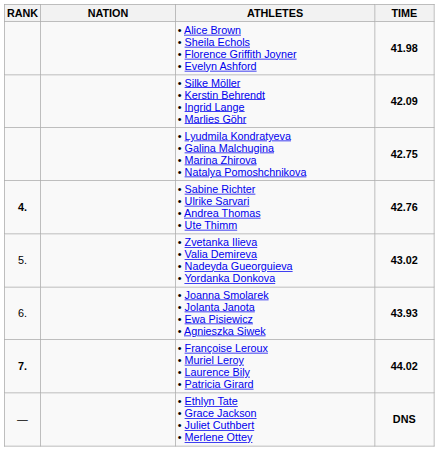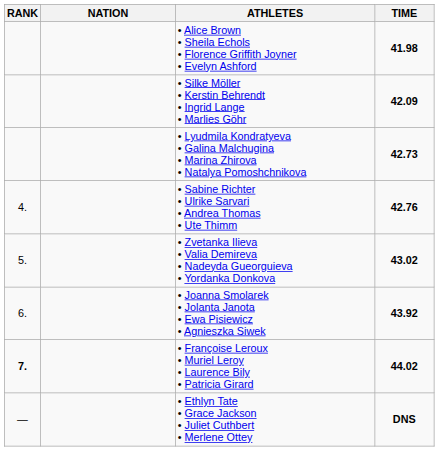 <table class="wikitable" style="border-collapse: collapse; font-size: 90%;">
 <tr>
 <th>RANK</th>
 <th style="width: 12em">NATION</th>
 <th style="width: 18em">ATHLETES</th>
 <th style="width: 5em">TIME</th>
 </tr>
 <tr>
 <td align="center"></td>
 <td align="center"></td>
 <td>• <a href='#'>Alice Brown</a><br>• <a href='#'>Sheila Echols</a><br>• <a href='#'>Florence Griffith Joyner</a><br>• <a href='#'>Evelyn Ashford</a></td>
 <td align="center"><strong>41.98</strong></td>
 </tr>
 <tr>
 <td align="center"></td>
 <td align="center"></td>
 <td>• <a href='#'>Silke Möller</a><br>• <a href='#'>Kerstin Behrendt</a><br>• <a href='#'>Ingrid Lange</a><br>• <a href='#'>Marlies Göhr</a></td>
 <td align="center"><strong>42.09</strong></td>
 </tr>
 <tr>
 <td align="center"></td>
 <td align="center"></td>
 <td>• <a href='#'>Lyudmila Kondratyeva</a><br>• <a href='#'>Galina Malchugina</a><br>• <a href='#'>Marina Zhirova</a><br>• <a href='#'>Natalya Pomoshchnikova</a></td>
-<td align="center"><strong>42.75</strong></td>
+<td align="center"><strong>42.73</strong></td>
 </tr>
 <tr>
-<td align="center"><strong>4.</strong></td>
+<td align="center">4.</td>
 <td align="center"></td>
 <td>• <a href='#'>Sabine Richter</a><br>• <a href='#'>Ulrike Sarvari</a><br>• <a href='#'>Andrea Thomas</a><br>• <a href='#'>Ute Thimm</a></td>
 <td align="center"><strong>42.76</strong></td>
 </tr>
 <tr>
 <td align="center">5.</td>
 <td align="center"></td>
 <td>• <a href='#'>Zvetanka Ilieva</a><br>• <a href='#'>Valia Demireva</a><br>• <a href='#'>Nadeyda Gueorguieva</a><br>• <a href='#'>Yordanka Donkova</a></td>
 <td align="center"><strong>43.02</strong></td>
 </tr>
 <tr>
 <td align="center">6.</td>
 <td align="center"></td>
 <td>• <a href='#'>Joanna Smolarek</a><br>• <a href='#'>Jolanta Janota</a><br>• <a href='#'>Ewa Pisiewicz</a><br>• <a href='#'>Agnieszka Siwek</a></td>
-<td align="center"><strong>43.93</strong></td>
+<td align="center"><strong>43.92</strong></td>
 </tr>
 <tr>
 <td align="center"><strong>7.</strong></td>
 <td align="center"></td>
 <td>• <a href='#'>Françoise Leroux</a><br>• <a href='#'>Muriel Leroy</a><br>• <a href='#'>Laurence Bily</a><br>• <a href='#'>Patricia Girard</a></td>
 <td align="center"><strong>44.02</strong></td>
 </tr>
 <tr>
 <td align="center">—</td>
 <td align="center"></td>
 <td>• <a href='#'>Ethlyn Tate</a><br>• <a href='#'>Grace Jackson</a><br>• <a href='#'>Juliet Cuthbert</a><br>• <a href='#'>Merlene Ottey</a></td>
 <td align="center"><strong>DNS</strong></td>
 </tr>
 </table>
